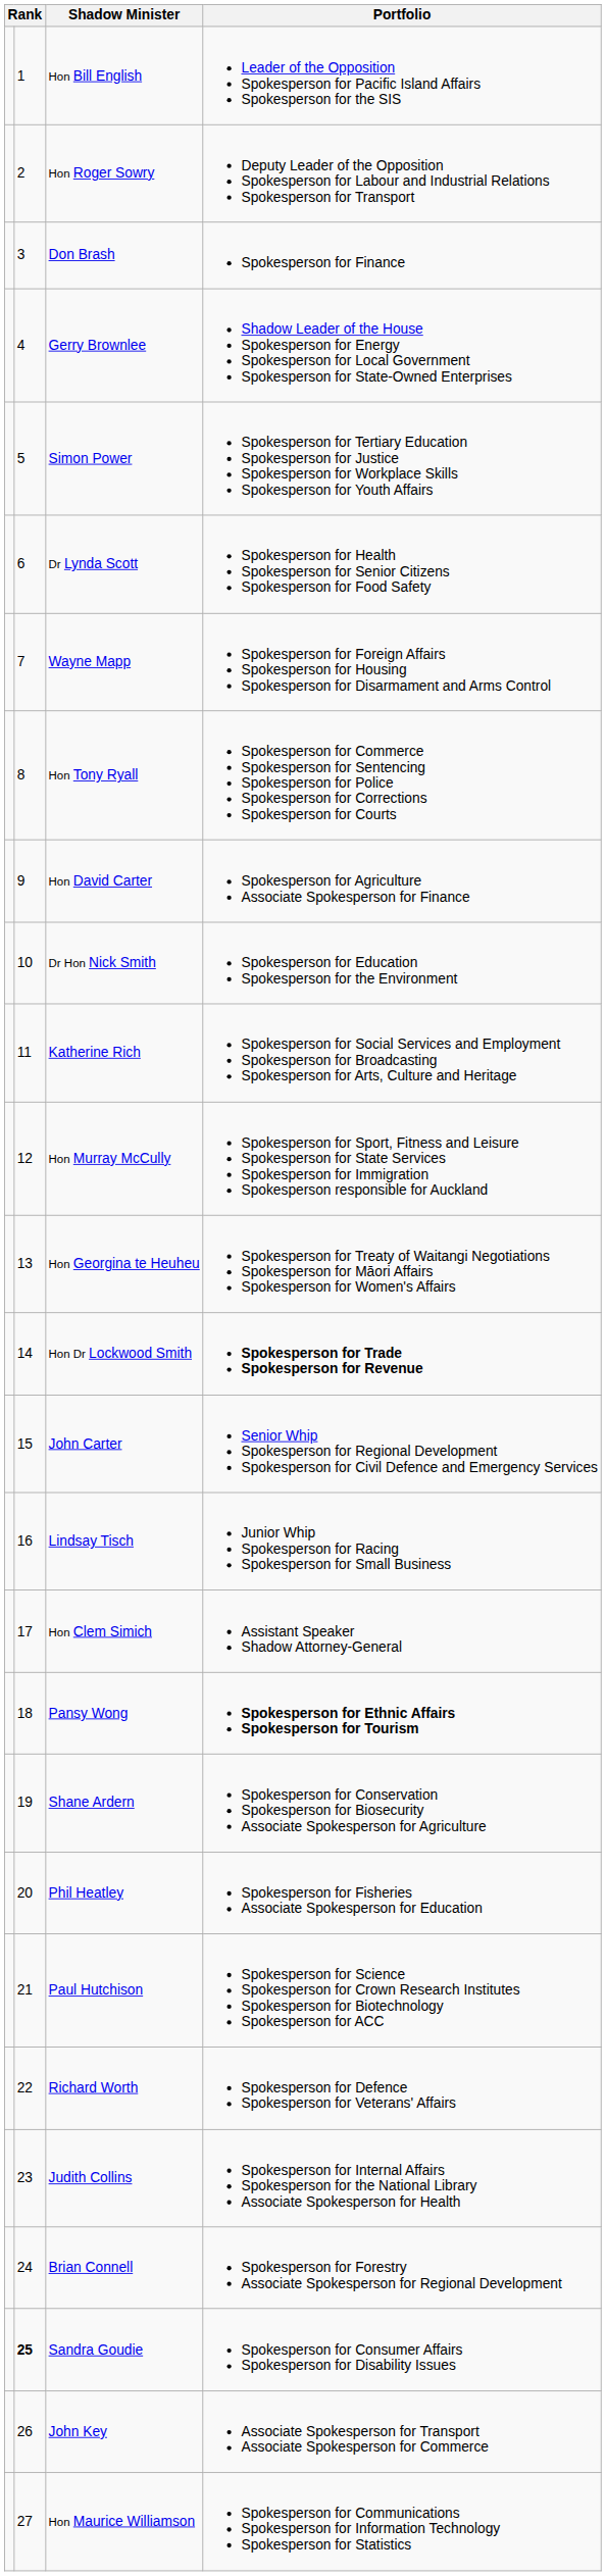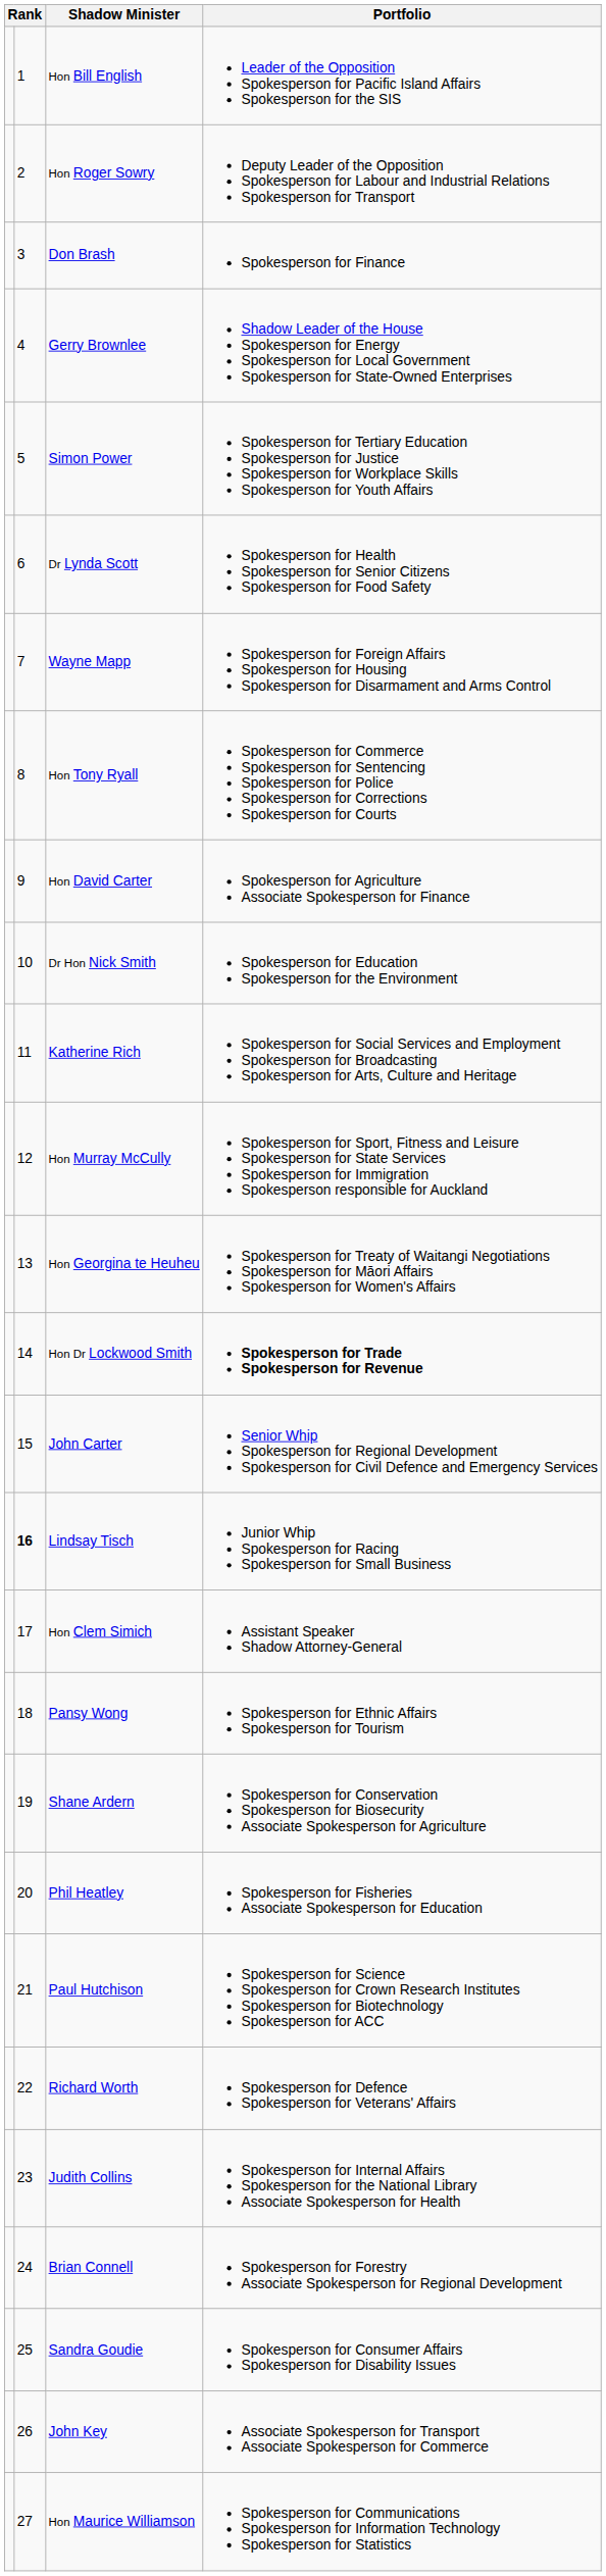 <table class="wikitable">
 <tr>
 <th colspan="2">Rank</th>
 <th>Shadow Minister</th>
 <th>Portfolio</th>
 </tr>
 <tr>
 <td></td>
 <td>1</td>
 <td><small>Hon </small><a href='#'>Bill English</a></td>
 <td><br><ul><li><a href='#'>Leader of the Opposition</a></li><li>Spokesperson for Pacific Island Affairs</li><li>Spokesperson for the SIS</li></ul></td>
 </tr>
 <tr>
 <td></td>
 <td>2</td>
 <td><small>Hon </small><a href='#'>Roger Sowry</a></td>
 <td><br><ul><li>Deputy Leader of the Opposition</li><li>Spokesperson for Labour and Industrial Relations</li><li>Spokesperson for Transport</li></ul></td>
 </tr>
 <tr>
 <td></td>
 <td>3</td>
 <td><a href='#'>Don Brash</a></td>
 <td><br><ul><li>Spokesperson for Finance</li></ul></td>
 </tr>
 <tr>
 <td></td>
 <td>4</td>
 <td><a href='#'>Gerry Brownlee</a></td>
 <td><br><ul><li><a href='#'>Shadow Leader of the House</a></li><li>Spokesperson for Energy</li><li>Spokesperson for Local Government</li><li>Spokesperson for State-Owned Enterprises</li></ul></td>
 </tr>
 <tr>
 <td></td>
 <td>5</td>
 <td><a href='#'>Simon Power</a></td>
 <td><br><ul><li>Spokesperson for Tertiary Education</li><li>Spokesperson for Justice</li><li>Spokesperson for Workplace Skills</li><li>Spokesperson for Youth Affairs</li></ul></td>
 </tr>
 <tr>
 <td></td>
 <td>6</td>
 <td><small>Dr </small><a href='#'>Lynda Scott</a></td>
 <td><br><ul><li>Spokesperson for Health</li><li>Spokesperson for Senior Citizens</li><li>Spokesperson for Food Safety</li></ul></td>
 </tr>
 <tr>
 <td></td>
 <td>7</td>
 <td><a href='#'>Wayne Mapp</a></td>
 <td><br><ul><li>Spokesperson for Foreign Affairs</li><li>Spokesperson for Housing</li><li>Spokesperson for Disarmament and Arms Control</li></ul></td>
 </tr>
 <tr>
 <td></td>
 <td>8</td>
 <td><small>Hon </small><a href='#'>Tony Ryall</a></td>
 <td><br><ul><li>Spokesperson for Commerce</li><li>Spokesperson for Sentencing</li><li>Spokesperson for Police</li><li>Spokesperson for Corrections</li><li>Spokesperson for Courts</li></ul></td>
 </tr>
 <tr>
 <td></td>
 <td>9</td>
 <td><small>Hon </small><a href='#'>David Carter</a></td>
 <td><br><ul><li>Spokesperson for Agriculture</li><li>Associate Spokesperson for Finance</li></ul></td>
 </tr>
 <tr>
 <td></td>
 <td>10</td>
 <td><small>Dr Hon </small><a href='#'>Nick Smith</a></td>
 <td><br><ul><li>Spokesperson for Education</li><li>Spokesperson for the Environment</li></ul></td>
 </tr>
 <tr>
 <td></td>
 <td>11</td>
 <td><a href='#'>Katherine Rich</a></td>
 <td><br><ul><li>Spokesperson for Social Services and Employment</li><li>Spokesperson for Broadcasting</li><li>Spokesperson for Arts, Culture and Heritage</li></ul></td>
 </tr>
 <tr>
 <td></td>
 <td>12</td>
 <td><small>Hon </small><a href='#'>Murray McCully</a></td>
 <td><br><ul><li>Spokesperson for Sport, Fitness and Leisure</li><li>Spokesperson for State Services</li><li>Spokesperson for Immigration</li><li>Spokesperson responsible for Auckland</li></ul></td>
 </tr>
 <tr>
 <td></td>
 <td>13</td>
 <td><small>Hon </small><a href='#'>Georgina te Heuheu</a></td>
 <td><br><ul><li>Spokesperson for Treaty of Waitangi Negotiations</li><li>Spokesperson for Māori Affairs</li><li>Spokesperson for Women's Affairs</li></ul></td>
 </tr>
 <tr>
 <td></td>
 <td>14</td>
 <td><small>Hon Dr </small><a href='#'>Lockwood Smith</a></td>
 <td><strong><br><ul><li>Spokesperson for Trade</li><li>Spokesperson for Revenue</li></ul></strong></td>
 </tr>
 <tr>
 <td></td>
 <td>15</td>
 <td><a href='#'>John Carter</a></td>
 <td><br><ul><li><a href='#'>Senior Whip</a></li><li>Spokesperson for Regional Development</li><li>Spokesperson for Civil Defence and Emergency Services</li></ul></td>
 </tr>
 <tr>
 <td></td>
-<td>16</td>
+<td><strong>16</strong></td>
 <td><a href='#'>Lindsay Tisch</a></td>
 <td><br><ul><li>Junior Whip</li><li>Spokesperson for Racing</li><li>Spokesperson for Small Business</li></ul></td>
 </tr>
 <tr>
 <td></td>
 <td>17</td>
 <td><small>Hon </small><a href='#'>Clem Simich</a></td>
 <td><br><ul><li>Assistant Speaker</li><li>Shadow Attorney-General</li></ul></td>
 </tr>
 <tr>
 <td></td>
 <td>18</td>
 <td><a href='#'>Pansy Wong</a></td>
-<td><strong><br><ul><li>Spokesperson for Ethnic Affairs</li><li>Spokesperson for Tourism</li></ul></strong></td>
+<td><br><ul><li>Spokesperson for Ethnic Affairs</li><li>Spokesperson for Tourism</li></ul></td>
 </tr>
 <tr>
 <td></td>
 <td>19</td>
 <td><a href='#'>Shane Ardern</a></td>
 <td><br><ul><li>Spokesperson for Conservation</li><li>Spokesperson for Biosecurity</li><li>Associate Spokesperson for Agriculture</li></ul></td>
 </tr>
 <tr>
 <td></td>
 <td>20</td>
 <td><a href='#'>Phil Heatley</a></td>
 <td><br><ul><li>Spokesperson for Fisheries</li><li>Associate Spokesperson for Education</li></ul></td>
 </tr>
 <tr>
 <td></td>
 <td>21</td>
 <td><a href='#'>Paul Hutchison</a></td>
 <td><br><ul><li>Spokesperson for Science</li><li>Spokesperson for Crown Research Institutes</li><li>Spokesperson for Biotechnology</li><li>Spokesperson for ACC</li></ul></td>
 </tr>
 <tr>
 <td></td>
 <td>22</td>
 <td><a href='#'>Richard Worth</a></td>
 <td><br><ul><li>Spokesperson for Defence</li><li>Spokesperson for Veterans' Affairs</li></ul></td>
 </tr>
 <tr>
 <td></td>
 <td>23</td>
 <td><a href='#'>Judith Collins</a></td>
 <td><br><ul><li>Spokesperson for Internal Affairs</li><li>Spokesperson for the National Library</li><li>Associate Spokesperson for Health</li></ul></td>
 </tr>
 <tr>
 <td></td>
 <td>24</td>
 <td><a href='#'>Brian Connell</a></td>
 <td><br><ul><li>Spokesperson for Forestry</li><li>Associate Spokesperson for Regional Development</li></ul></td>
 </tr>
 <tr>
 <td></td>
-<td><strong>25</strong></td>
+<td>25</td>
 <td><a href='#'>Sandra Goudie</a></td>
 <td><br><ul><li>Spokesperson for Consumer Affairs</li><li>Spokesperson for Disability Issues</li></ul></td>
 </tr>
 <tr>
 <td></td>
 <td>26</td>
 <td><a href='#'>John Key</a></td>
 <td><br><ul><li>Associate Spokesperson for Transport</li><li>Associate Spokesperson for Commerce</li></ul></td>
 </tr>
 <tr>
 <td></td>
 <td>27</td>
 <td><small>Hon </small><a href='#'>Maurice Williamson</a></td>
 <td><br><ul><li>Spokesperson for Communications</li><li>Spokesperson for Information Technology</li><li>Spokesperson for Statistics</li></ul></td>
 </tr>
 </table>
